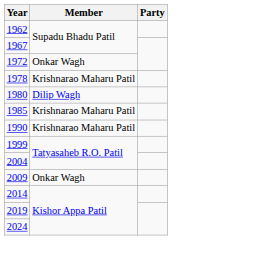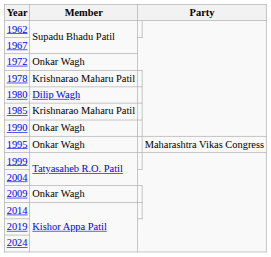 <table class="wikitable">
 <tr>
 <th>Year</th>
 <th>Member</th>
 <th colspan="2">Party</th>
 </tr>
 <tr>
 <td><a href='#'>1962</a></td>
 <td rowspan="2">Supadu Bhadu Patil</td>
 <td></td>
 </tr>
 <tr>
 <td><a href='#'>1967</a></td>
 </tr>
 <tr>
 <td><a href='#'>1972</a></td>
 <td>Onkar Wagh</td>
 </tr>
 <tr>
 <td><a href='#'>1978</a></td>
 <td>Krishnarao Maharu Patil</td>
 <td></td>
 </tr>
 <tr>
 <td><a href='#'>1980</a></td>
 <td><a href='#'>Dilip Wagh</a></td>
 <td></td>
 </tr>
 <tr>
 <td><a href='#'>1985</a></td>
 <td>Krishnarao Maharu Patil</td>
 <td></td>
 </tr>
 <tr>
 <td><a href='#'>1990</a></td>
-<td>Krishnarao Maharu Patil</td>
+<td>Onkar Wagh</td>
 <td></td>
+</tr>
+<tr>
+<td><a href='#'>1995</a></td>
+<td>Onkar Wagh</td>
+<td style="background-color: "></td>
+<td>Maharashtra Vikas Congress</td>
 </tr>
 <tr>
 <td><a href='#'>1999</a></td>
 <td rowspan="2"><a href='#'>Tatyasaheb R.O. Patil</a></td>
 <td></td>
 </tr>
 <tr>
 <td><a href='#'>2004</a></td>
 </tr>
 <tr>
 <td><a href='#'>2009</a></td>
 <td>Onkar Wagh</td>
 <td></td>
 </tr>
 <tr>
 <td><a href='#'>2014</a></td>
 <td rowspan="3"><a href='#'>Kishor Appa Patil</a></td>
 <td></td>
 </tr>
 <tr>
 <td><a href='#'>2019</a></td>
 </tr>
 <tr>
 <td><a href='#'>2024</a></td>
 </tr>
 </table>
